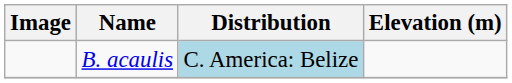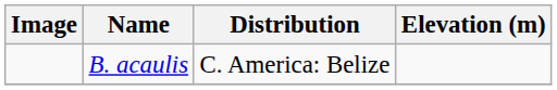 <table class="wikitable">
 <tr>
 <th>Image</th>
 <th>Name</th>
 <th>Distribution</th>
 <th>Elevation (m)</th>
 </tr>
 <tr>
 <td></td>
 <td><em><a href='#'>B. acaulis</a></em> </td>
-<td style="background: lightblue;">C. America: Belize</td>
+<td>C. America: Belize</td>
 <td></td>
 </tr>
 <tr>
 </tr>
 </table>
